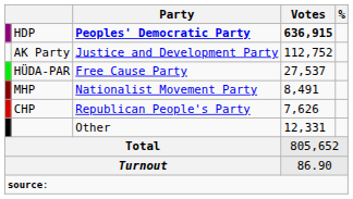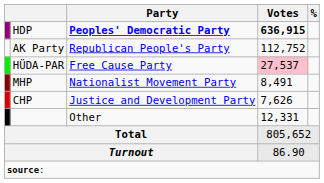 <table class="wikitable">
 <tr>
 <th colspan="2" align="center"></th>
 <th align="center">Party</th>
 <th align="center">Votes</th>
 <th align="center">%</th>
 </tr>
 <tr align="left">
 <td bgcolor="#91007B" width="1"></td>
 <td>HDP</td>
 <td><strong><a href='#'>Peoples' Democratic Party</a></strong></td>
 <td><strong>636,915</strong></td>
 <td><strong></strong></td>
 </tr>
 <tr align="left">
 <td></td>
 <td>AK Party</td>
-<td><a href='#'>Justice and Development Party</a></td>
+<td><a href='#'>Republican People's Party</a></td>
 <td>112,752</td>
 <td></td>
 </tr>
 <tr align="left">
 <td bgcolor="#Green" width="1"></td>
 <td>HÜDA-PAR</td>
 <td><a href='#'>Free Cause Party</a></td>
-<td>27,537</td>
+<td style="background: pink;">27,537</td>
 <td></td>
 </tr>
 <tr align="left">
 <td bgcolor="#870000" width="1"></td>
 <td>MHP</td>
 <td><a href='#'>Nationalist Movement Party</a></td>
 <td>8,491</td>
 <td></td>
 </tr>
 <tr align="left">
 <td bgcolor="#d50000" width="1"></td>
 <td>CHP</td>
-<td><a href='#'>Republican People's Party</a></td>
+<td><a href='#'>Justice and Development Party</a></td>
 <td>7,626</td>
 <td></td>
 </tr>
 <tr align="left">
 <td bgcolor=" " width="1"></td>
 <td></td>
 <td>Other</td>
 <td>12,331</td>
 <td></td>
 </tr>
 <tr align="left" style="background-color:#E9E9E9">
 <th colspan="3" align="center"><strong>Total</strong></th>
 <td colspan="5" align="center">805,652</td>
 </tr>
 <tr align="left" style="background-color:#E9E9E9">
 <th colspan="3" align="center"><em>Turnout</em></th>
 <td colspan="5" align="center">86.90</td>
 </tr>
 <tr>
 <td colspan="9" align="left"><small><strong>source</strong>: </small></td>
 </tr>
 </table>
